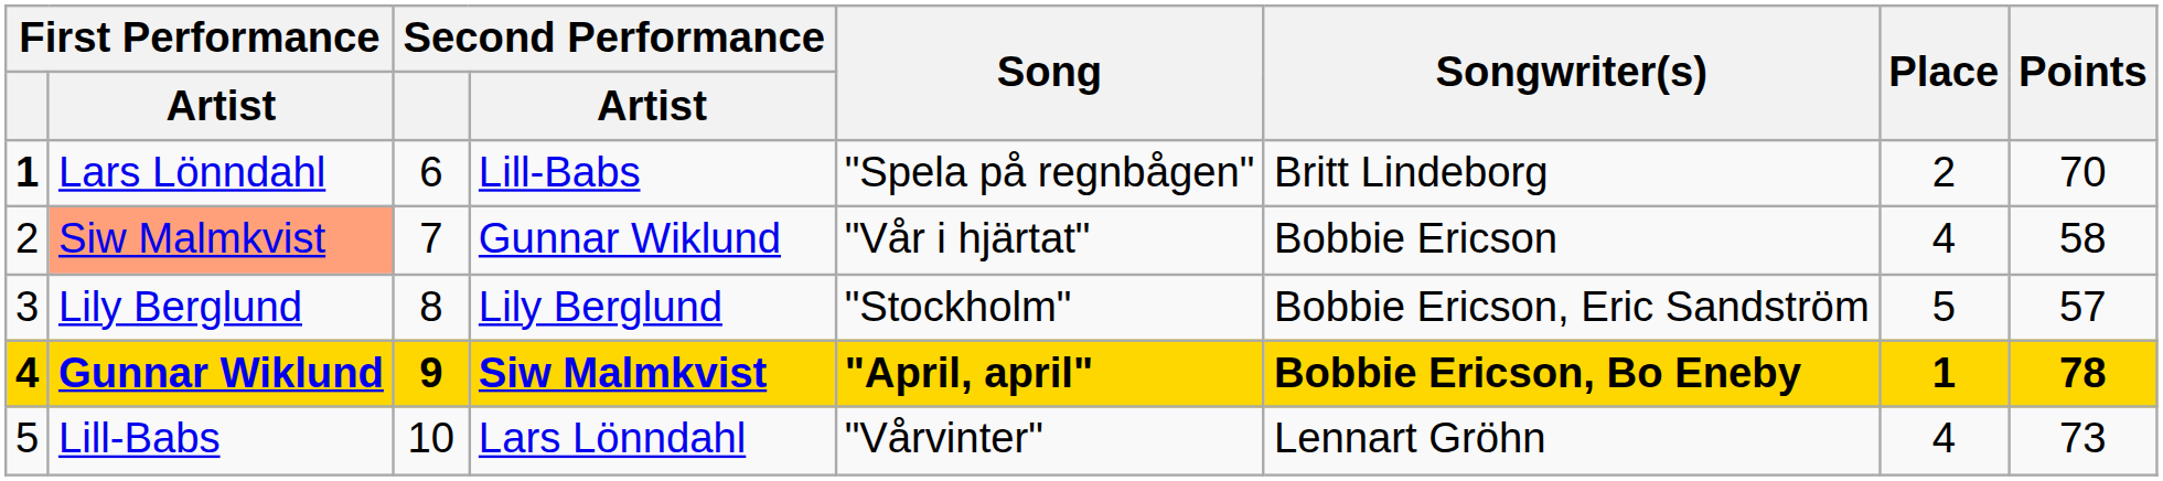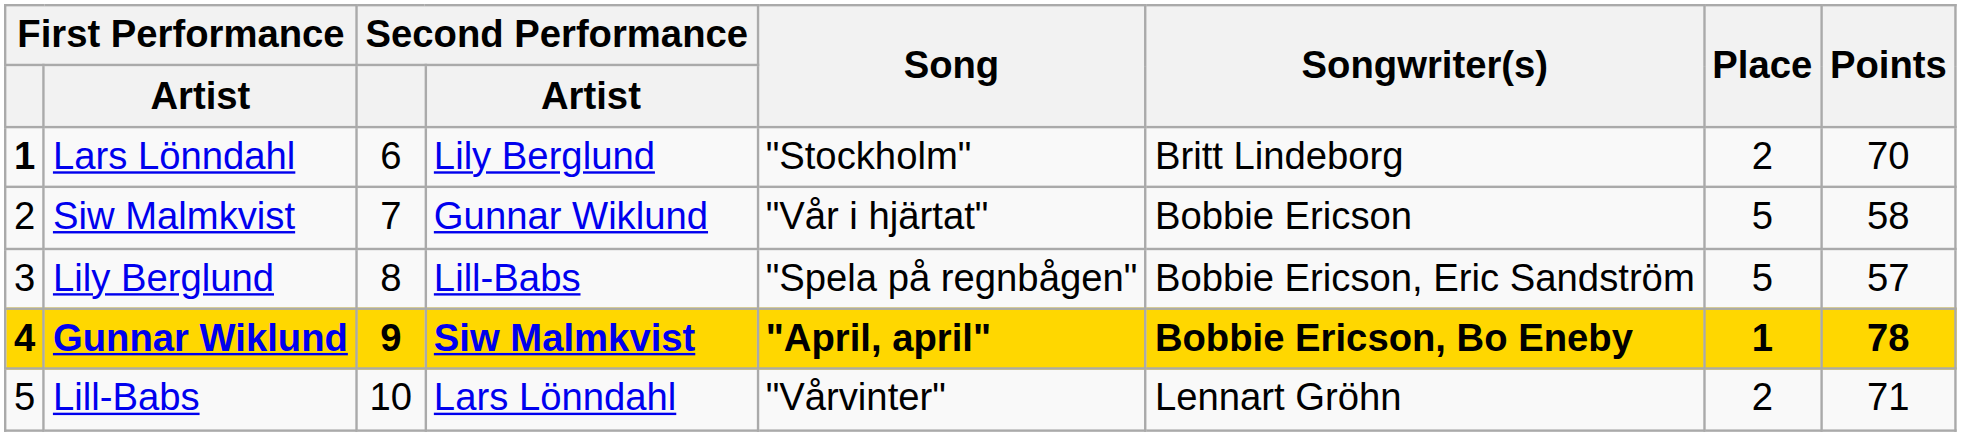 <table class="wikitable">
 <tr>
 <th colspan="2">First Performance</th>
 <th colspan="2">Second Performance</th>
 <th rowspan="2">Song</th>
 <th rowspan="2">Songwriter(s)</th>
 <th rowspan="2">Place</th>
 <th rowspan="2">Points</th>
 </tr>
 <tr>
 <th></th>
 <th>Artist</th>
 <th></th>
 <th>Artist</th>
 </tr>
 <tr>
 <td align="center"><strong>1</strong></td>
 <td><a href='#'>Lars Lönndahl</a></td>
 <td align="center">6</td>
-<td><a href='#'>Lill-Babs</a></td>
-<td>"Spela på regnbågen"</td>
+<td><a href='#'>Lily Berglund</a></td>
+<td>"Stockholm"</td>
 <td>Britt Lindeborg</td>
 <td align="center">2</td>
 <td align="center">70</td>
 </tr>
 <tr>
 <td align="center">2</td>
-<td style="background: lightsalmon;"><a href='#'>Siw Malmkvist</a></td>
+<td><a href='#'>Siw Malmkvist</a></td>
 <td align="center">7</td>
 <td><a href='#'>Gunnar Wiklund</a></td>
 <td>"Vår i hjärtat"</td>
 <td>Bobbie Ericson</td>
-<td align="center">4</td>
+<td align="center">5</td>
 <td align="center">58</td>
 </tr>
 <tr>
 <td align="center">3</td>
 <td><a href='#'>Lily Berglund</a></td>
 <td align="center">8</td>
-<td><a href='#'>Lily Berglund</a></td>
-<td>"Stockholm"</td>
+<td><a href='#'>Lill-Babs</a></td>
+<td>"Spela på regnbågen"</td>
 <td>Bobbie Ericson, Eric Sandström</td>
 <td align="center">5</td>
 <td align="center">57</td>
 </tr>
 <tr style="font-weight:bold;background:gold;">
 <td align="center">4</td>
 <td><a href='#'>Gunnar Wiklund</a></td>
 <td align="center">9</td>
 <td><a href='#'>Siw Malmkvist</a></td>
 <td>"April, april"</td>
 <td>Bobbie Ericson, Bo Eneby</td>
 <td align="center">1</td>
 <td align="center">78</td>
 </tr>
 <tr>
 <td align="center">5</td>
 <td><a href='#'>Lill-Babs</a></td>
 <td align="center">10</td>
 <td><a href='#'>Lars Lönndahl</a></td>
 <td>"Vårvinter"</td>
 <td>Lennart Gröhn</td>
-<td align="center">4</td>
-<td align="center">73</td>
+<td align="center">2</td>
+<td align="center">71</td>
 </tr>
 </table>
